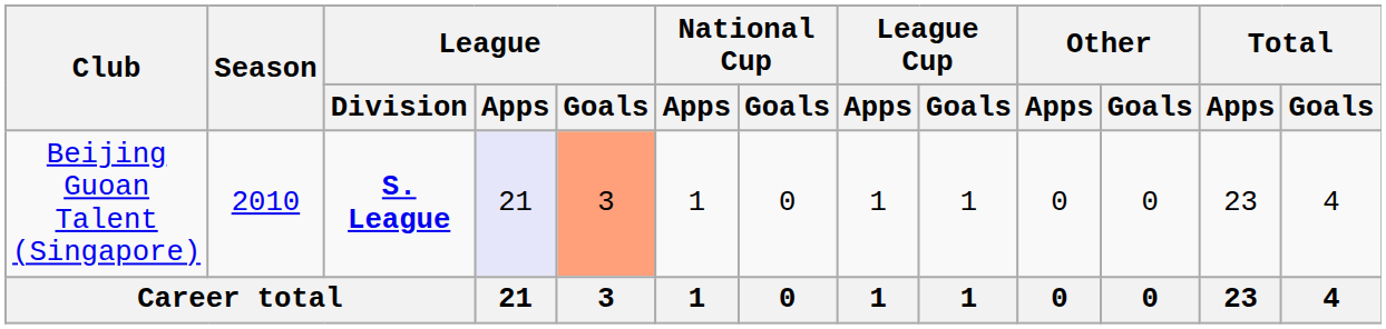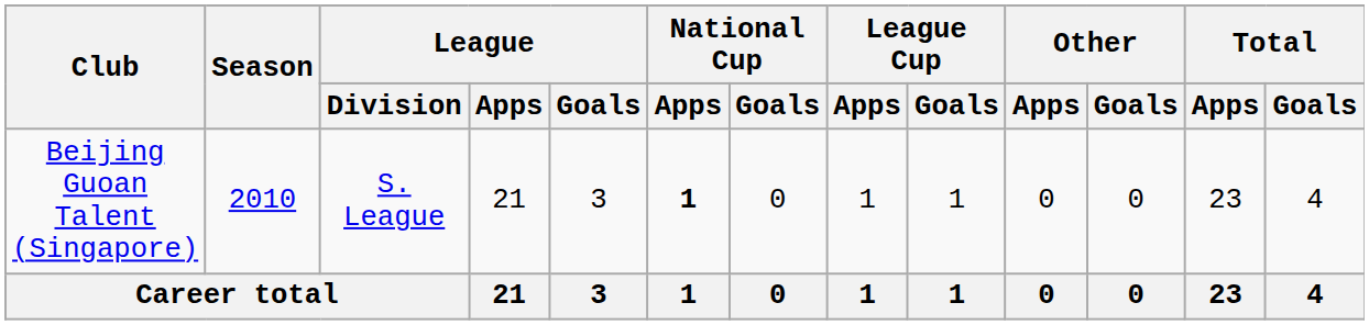 <table class="wikitable" style="text-align: center">
 <tr>
 <th rowspan="2">Club</th>
 <th rowspan="2">Season</th>
 <th colspan="3">League</th>
 <th colspan="2">National Cup</th>
 <th colspan="2">League Cup</th>
 <th colspan="2">Other</th>
 <th colspan="2">Total</th>
 </tr>
 <tr>
 <th>Division</th>
 <th>Apps</th>
 <th>Goals</th>
 <th>Apps</th>
 <th>Goals</th>
 <th>Apps</th>
 <th>Goals</th>
 <th>Apps</th>
 <th>Goals</th>
 <th>Apps</th>
 <th>Goals</th>
 </tr>
 <tr>
 <td><a href='#'>Beijing Guoan Talent (Singapore)</a></td>
 <td><a href='#'>2010</a></td>
-<td><strong><a href='#'>S. League</a></strong></td>
-<td style="background: lavender;">21</td>
-<td style="background: lightsalmon;">3</td>
-<td>1</td>
+<td><a href='#'>S. League</a></td>
+<td>21</td>
+<td>3</td>
+<td><strong>1</strong></td>
 <td>0</td>
 <td>1</td>
 <td>1</td>
 <td>0</td>
 <td>0</td>
 <td>23</td>
 <td>4</td>
 </tr>
 <tr>
 <th colspan=3>Career total</th>
 <th>21</th>
 <th>3</th>
 <th>1</th>
 <th>0</th>
 <th>1</th>
 <th>1</th>
 <th>0</th>
 <th>0</th>
 <th>23</th>
 <th>4</th>
 </tr>
 </table>
